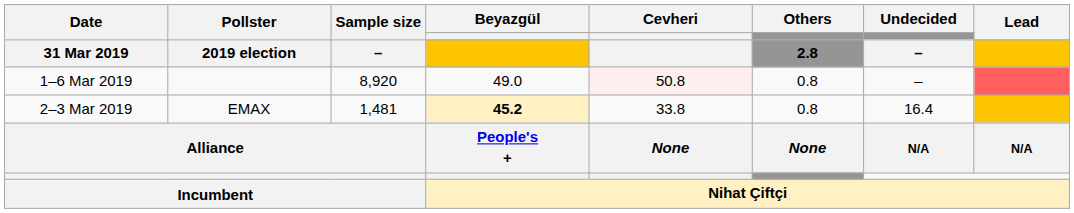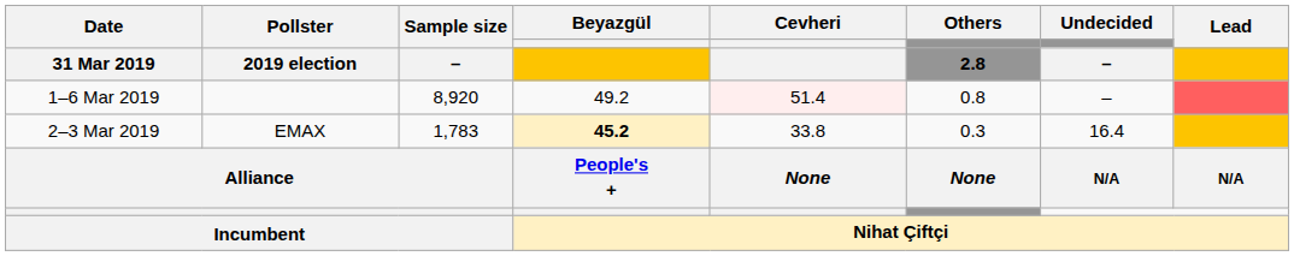 <table class="wikitable" style="text-align:center; font-size:90%; line-height:20px;">
 <tr>
 <th rowspan=2 width="150px">Date</th>
 <th rowspan=2 width="150px">Pollster</th>
 <th rowspan=2 width="85px">Sample size</th>
 <th width=150>Beyazgül</th>
 <th width=150>Cevheri</th>
 <th width=100>Others</th>
 <th width=100>Undecided</th>
 <th width=85 rowspan=2>Lead</th>
 </tr>
 <tr>
 <th style="background: "></th>
 <th style="background: "></th>
 <th style="background: #959595"></th>
 <th style="background: #959595"></th>
 </tr>
 <tr>
 <th>31 Mar 2019</th>
 <th>2019 election</th>
 <th>–</th>
 <th style="background: #fdc400"></th>
 <th style="background: "></th>
 <th style="background: #959595">2.8</th>
 <th>–</th>
 <th style="background: #fdc400"></th>
 </tr>
 <tr>
 <td>1–6 Mar 2019</td>
 <td></td>
 <td>8,920</td>
-<td>49.0</td>
-<td style="background: #FFEEEE">50.8</td>
+<td>49.2</td>
+<td style="background: #FFEEEE">51.4</td>
 <td>0.8</td>
 <td>–</td>
 <td style="background: #FF5F5F "></td>
 </tr>
 <tr>
 <td>2–3 Mar 2019</td>
 <td>EMAX</td>
-<td>1,481</td>
+<td>1,783</td>
 <td style="background: #FFF1C4"><strong>45.2</strong></td>
 <td>33.8</td>
-<td>0.8</td>
+<td>0.3</td>
 <td>16.4</td>
 <td style="background:  #fdc400"></td>
 </tr>
 <tr>
 <th colspan=3>Alliance</th>
 <th width=150><a href='#'>People's</a><br><small></small> + <small></small></th>
 <th width=150><em>None</em><br><small></small></th>
 <th width=100><em>None</em></th>
 <th width=100><small>N/A</small></th>
 <th width=85><small>N/A</small></th>
 </tr>
 <tr>
 <th colspan=3></th>
 <th style="background: "></th>
 <th style="background: "></th>
 <th style="background: #959595"></th>
 </tr>
 <tr>
 <th colspan=3>Incumbent</th>
 <th style="background:  #FFF1C4" colspan=5>Nihat Çiftçi <small></small></th>
 </tr>
 </table>
